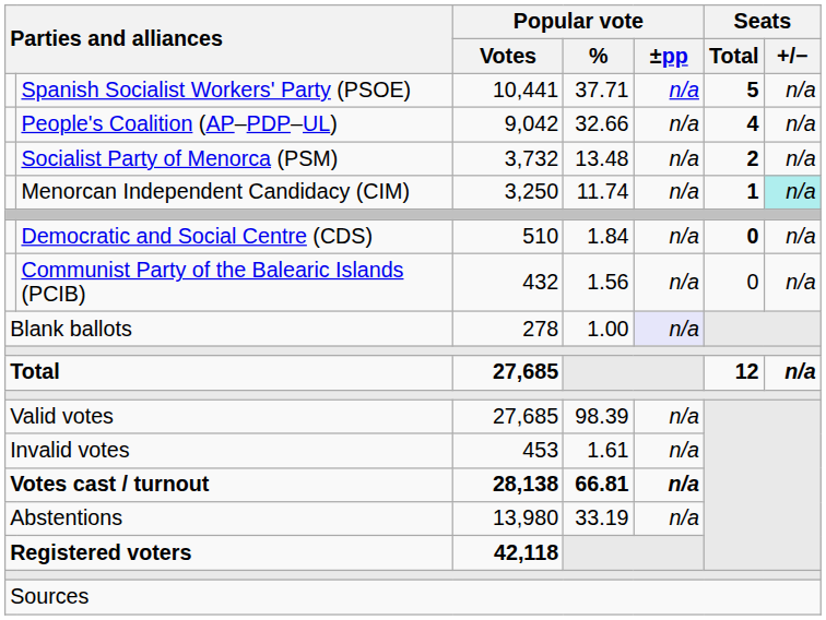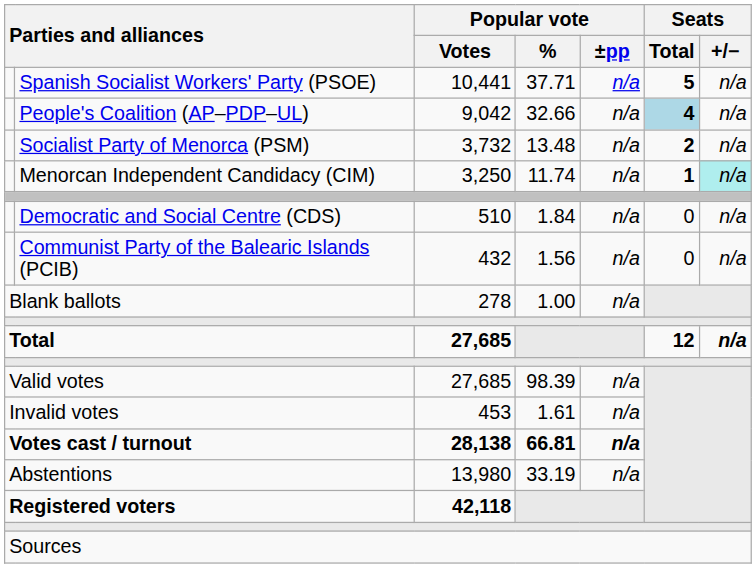 <table class="wikitable" style="text-align:right;">
 <tr>
 <th style="text-align:left;" rowspan="2" colspan="2" width="525">Parties and alliances</th>
 <th colspan="3">Popular vote</th>
 <th colspan="2">Seats</th>
 </tr>
 <tr>
 <th width="75">Votes</th>
 <th width="45">%</th>
 <th width="45">±<a href='#'>pp</a></th>
 <th width="35">Total</th>
 <th width="35">+/−</th>
 </tr>
 <tr>
 <td width="1" style="color:inherit;background:"></td>
 <td align="left"><a href='#'>Spanish Socialist Workers' Party</a> (PSOE)</td>
 <td>10,441</td>
 <td>37.71</td>
 <td><em><a href='#'>n/a</a></em></td>
 <td><strong>5</strong></td>
 <td><em>n/a</em></td>
 </tr>
 <tr>
 <td style="color:inherit;background:"></td>
 <td align="left"><a href='#'>People's Coalition</a> (<a href='#'>AP</a>–<a href='#'>PDP</a>–<a href='#'>UL</a>)</td>
 <td>9,042</td>
 <td>32.66</td>
 <td><em>n/a</em></td>
-<td><strong>4</strong></td>
+<td style="background: lightblue;"><strong>4</strong></td>
 <td><em>n/a</em></td>
 </tr>
 <tr>
 <td style="color:inherit;background:"></td>
 <td align="left"><a href='#'>Socialist Party of Menorca</a> (PSM)</td>
 <td>3,732</td>
 <td>13.48</td>
 <td><em>n/a</em></td>
 <td><strong>2</strong></td>
 <td><em>n/a</em></td>
 </tr>
 <tr>
 <td style="color:inherit;background:"></td>
 <td align="left">Menorcan Independent Candidacy (CIM)</td>
 <td>3,250</td>
 <td>11.74</td>
 <td><em>n/a</em></td>
 <td><strong>1</strong></td>
 <td style="background: paleturquoise;"><em>n/a</em></td>
 </tr>
 <tr>
 <td colspan="7" bgcolor="#C0C0C0"></td>
 </tr>
 <tr>
 <td style="color:inherit;background:"></td>
 <td align="left"><a href='#'>Democratic and Social Centre</a> (CDS)</td>
 <td>510</td>
 <td>1.84</td>
 <td><em>n/a</em></td>
-<td><strong>0</strong></td>
+<td>0</td>
 <td><em>n/a</em></td>
 </tr>
 <tr>
 <td style="color:inherit;background:"></td>
 <td align="left"><a href='#'>Communist Party of the Balearic Islands</a> (PCIB)</td>
 <td>432</td>
 <td>1.56</td>
 <td><em>n/a</em></td>
 <td>0</td>
 <td><em>n/a</em></td>
 </tr>
 <tr>
 <td align="left" colspan="2">Blank ballots</td>
 <td>278</td>
 <td>1.00</td>
-<td style="background: lavender;"><em>n/a</em></td>
+<td><em>n/a</em></td>
 <td bgcolor="#E9E9E9" colspan="2"></td>
 </tr>
 <tr>
 <td colspan="7" bgcolor="#E9E9E9"></td>
 </tr>
 <tr style="font-weight:bold;">
 <td align="left" colspan="2">Total</td>
 <td>27,685</td>
 <td bgcolor="#E9E9E9" colspan="2"></td>
 <td>12</td>
 <td><em>n/a</em></td>
 </tr>
 <tr>
 <td colspan="7" bgcolor="#E9E9E9"></td>
 </tr>
 <tr>
 <td align="left" colspan="2">Valid votes</td>
 <td>27,685</td>
 <td>98.39</td>
 <td><em>n/a</em></td>
 <td bgcolor="#E9E9E9" colspan="2" rowspan="5"></td>
 </tr>
 <tr>
 <td align="left" colspan="2">Invalid votes</td>
 <td>453</td>
 <td>1.61</td>
 <td><em>n/a</em></td>
 </tr>
 <tr style="font-weight:bold;">
 <td align="left" colspan="2">Votes cast / turnout</td>
 <td>28,138</td>
 <td>66.81</td>
 <td><em>n/a</em></td>
 </tr>
 <tr>
 <td align="left" colspan="2">Abstentions</td>
 <td>13,980</td>
 <td>33.19</td>
 <td><em>n/a</em></td>
 </tr>
 <tr style="font-weight:bold;">
 <td align="left" colspan="2">Registered voters</td>
 <td>42,118</td>
 <td bgcolor="#E9E9E9" colspan="2"></td>
 </tr>
 <tr>
 <td colspan="7" bgcolor="#E9E9E9"></td>
 </tr>
 <tr>
 <td align="left" colspan="7">Sources</td>
 </tr>
 </table>
